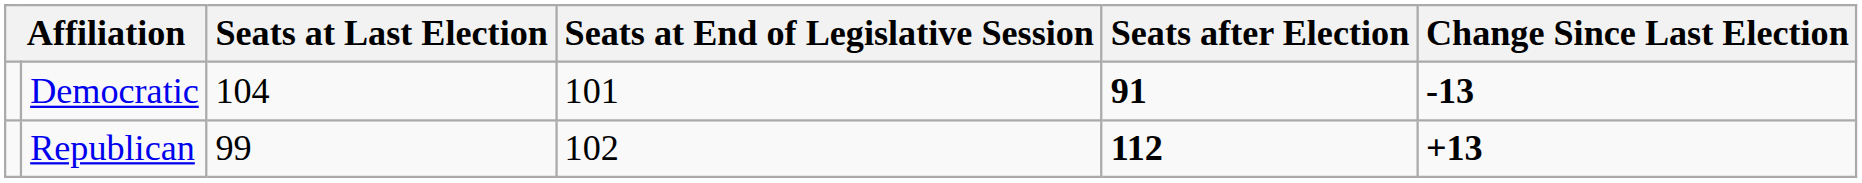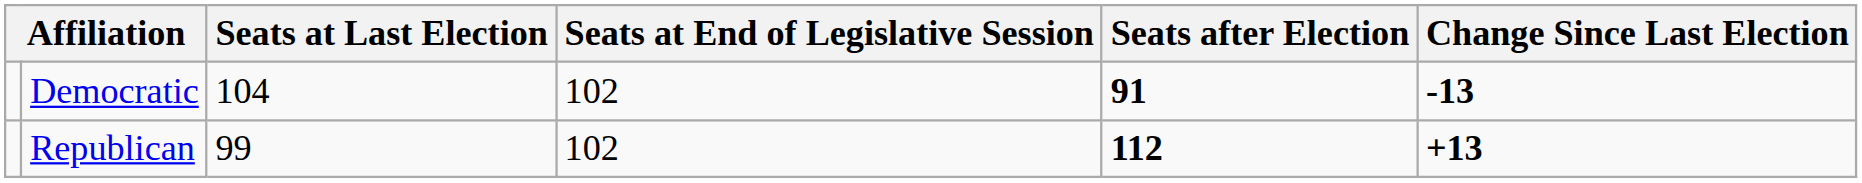 <table class="wikitable">
 <tr>
 <th colspan="2">Affiliation</th>
 <th>Seats at Last Election</th>
 <th>Seats at End of Legislative Session</th>
 <th>Seats after Election</th>
 <th>Change Since Last Election</th>
 </tr>
 <tr>
 <td style="background-color:"></td>
 <td><a href='#'>Democratic</a></td>
 <td>104</td>
-<td>101</td>
+<td>102</td>
 <td><strong>91</strong></td>
 <td><strong>-13</strong></td>
 </tr>
 <tr>
 <td style="background-color:"></td>
 <td><a href='#'>Republican</a></td>
 <td>99</td>
 <td>102</td>
 <td><strong>112</strong></td>
 <td><strong>+13</strong></td>
 </tr>
 </table>
